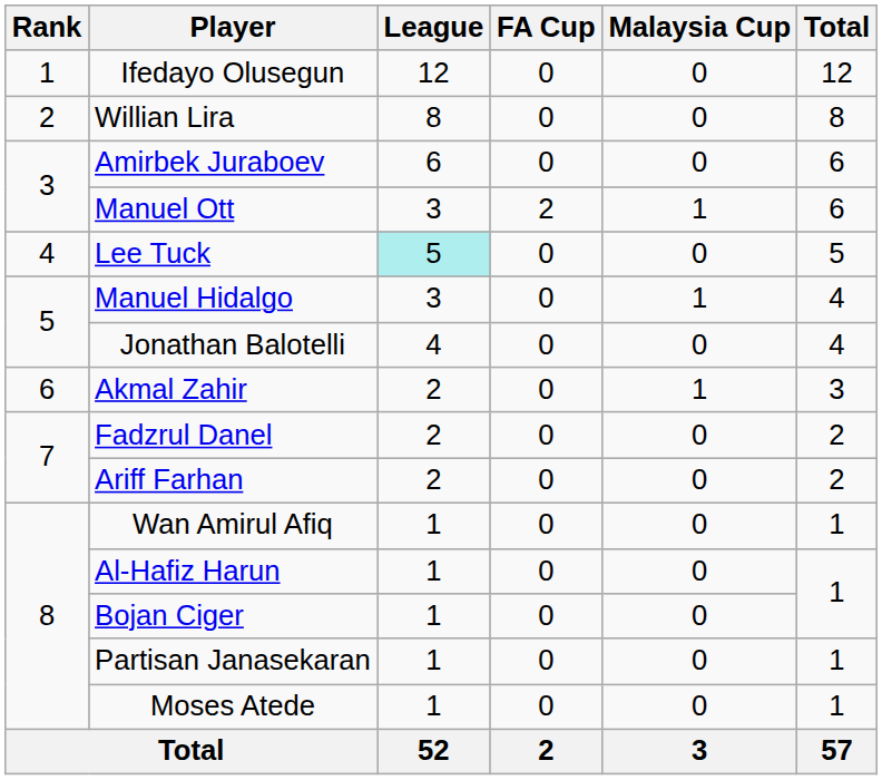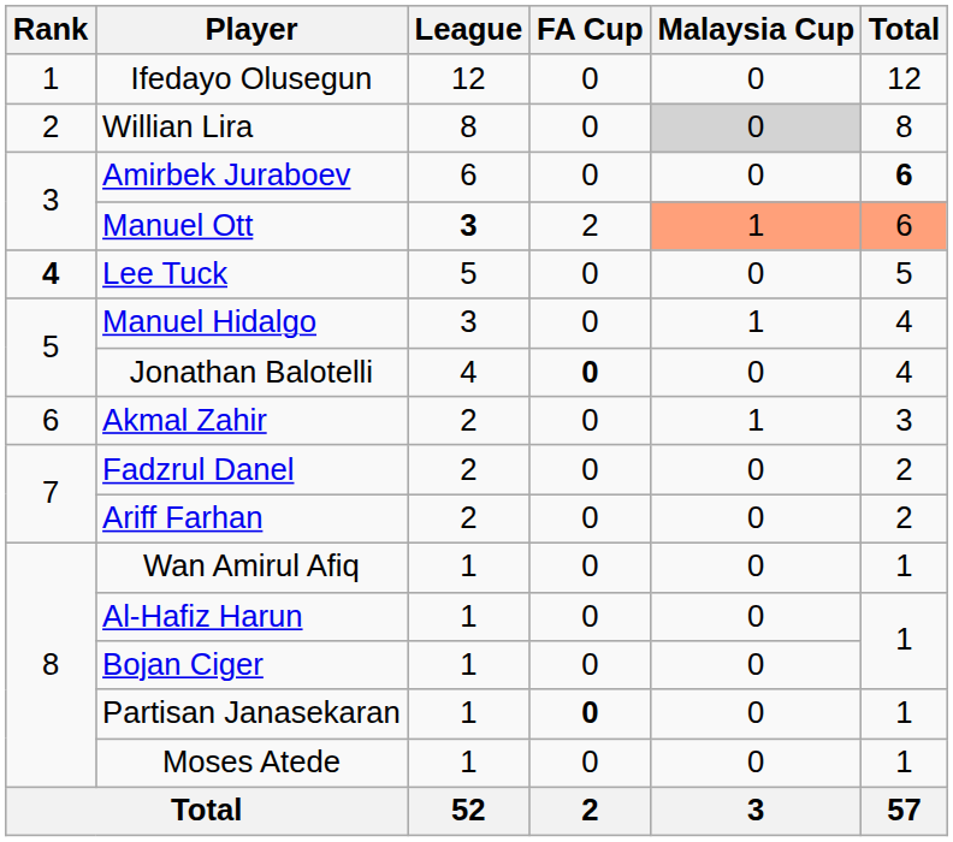 <table class="wikitable" style="text-align:center;">
 <tr>
 <th>Rank</th>
 <th>Player</th>
 <th>League</th>
 <th>FA Cup</th>
 <th>Malaysia Cup</th>
 <th>Total</th>
 </tr>
 <tr>
 <td>1</td>
 <td> Ifedayo Olusegun</td>
 <td>12</td>
 <td>0</td>
 <td>0</td>
 <td>12</td>
 </tr>
 <tr>
 <td rowspan="1">2</td>
 <td align="left"> Willian Lira</td>
 <td>8</td>
 <td>0</td>
-<td>0</td>
+<td style="background: lightgrey;">0</td>
 <td rowspan="1">8</td>
 </tr>
 <tr>
 <td rowspan="2">3</td>
 <td align=left> <a href='#'>Amirbek Juraboev</a></td>
 <td>6</td>
 <td>0</td>
 <td>0</td>
-<td rowspan=1>6</td>
+<td rowspan=1><strong>6</strong></td>
 </tr>
 <tr>
 <td align="left"> <a href='#'>Manuel Ott</a></td>
-<td>3</td>
+<td><strong>3</strong></td>
 <td>2</td>
-<td>1</td>
-<td>6</td>
+<td style="background: lightsalmon;">1</td>
+<td style="background: lightsalmon;">6</td>
 </tr>
 <tr>
-<td>4</td>
+<td><strong>4</strong></td>
 <td align="left"> <a href='#'>Lee Tuck</a></td>
-<td style="background: paleturquoise;">5</td>
+<td>5</td>
 <td>0</td>
 <td>0</td>
 <td>5</td>
 </tr>
 <tr>
 <td rowspan="2">5</td>
 <td align="left"> <a href='#'>Manuel Hidalgo</a></td>
 <td>3</td>
 <td>0</td>
 <td>1</td>
 <td>4</td>
 </tr>
 <tr>
 <td> Jonathan Balotelli</td>
 <td>4</td>
-<td>0</td>
+<td><strong>0</strong></td>
 <td>0</td>
 <td>4</td>
 </tr>
 <tr>
 <td>6</td>
 <td align="left"> <a href='#'>Akmal Zahir</a></td>
 <td>2</td>
 <td>0</td>
 <td>1</td>
 <td>3</td>
 </tr>
 <tr>
 <td rowspan="2">7</td>
 <td align="left"> <a href='#'>Fadzrul Danel</a></td>
 <td>2</td>
 <td>0</td>
 <td>0</td>
 <td>2</td>
 </tr>
 <tr>
 <td align="left"> <a href='#'>Ariff Farhan</a></td>
 <td>2</td>
 <td>0</td>
 <td>0</td>
 <td>2</td>
 </tr>
 <tr>
 <td rowspan="5">8</td>
 <td> Wan Amirul Afiq</td>
 <td>1</td>
 <td>0</td>
 <td>0</td>
 <td>1</td>
 </tr>
 <tr>
 <td align="left"> <a href='#'>Al-Hafiz Harun</a></td>
 <td>1</td>
 <td>0</td>
 <td>0</td>
 <td rowspan="2">1</td>
 </tr>
 <tr>
 <td align="left"> <a href='#'>Bojan Ciger</a></td>
 <td>1</td>
 <td>0</td>
 <td>0</td>
 </tr>
 <tr>
 <td> Partisan Janasekaran</td>
 <td>1</td>
-<td>0</td>
+<td><strong>0</strong></td>
 <td>0</td>
 <td>1</td>
 </tr>
 <tr>
 <td> Moses Atede</td>
 <td>1</td>
 <td>0</td>
 <td>0</td>
 <td>1</td>
 </tr>
 <tr>
 <th colspan=2>Total</th>
 <th>52</th>
 <th>2</th>
 <th>3</th>
 <th>57</th>
 </tr>
 </table>
